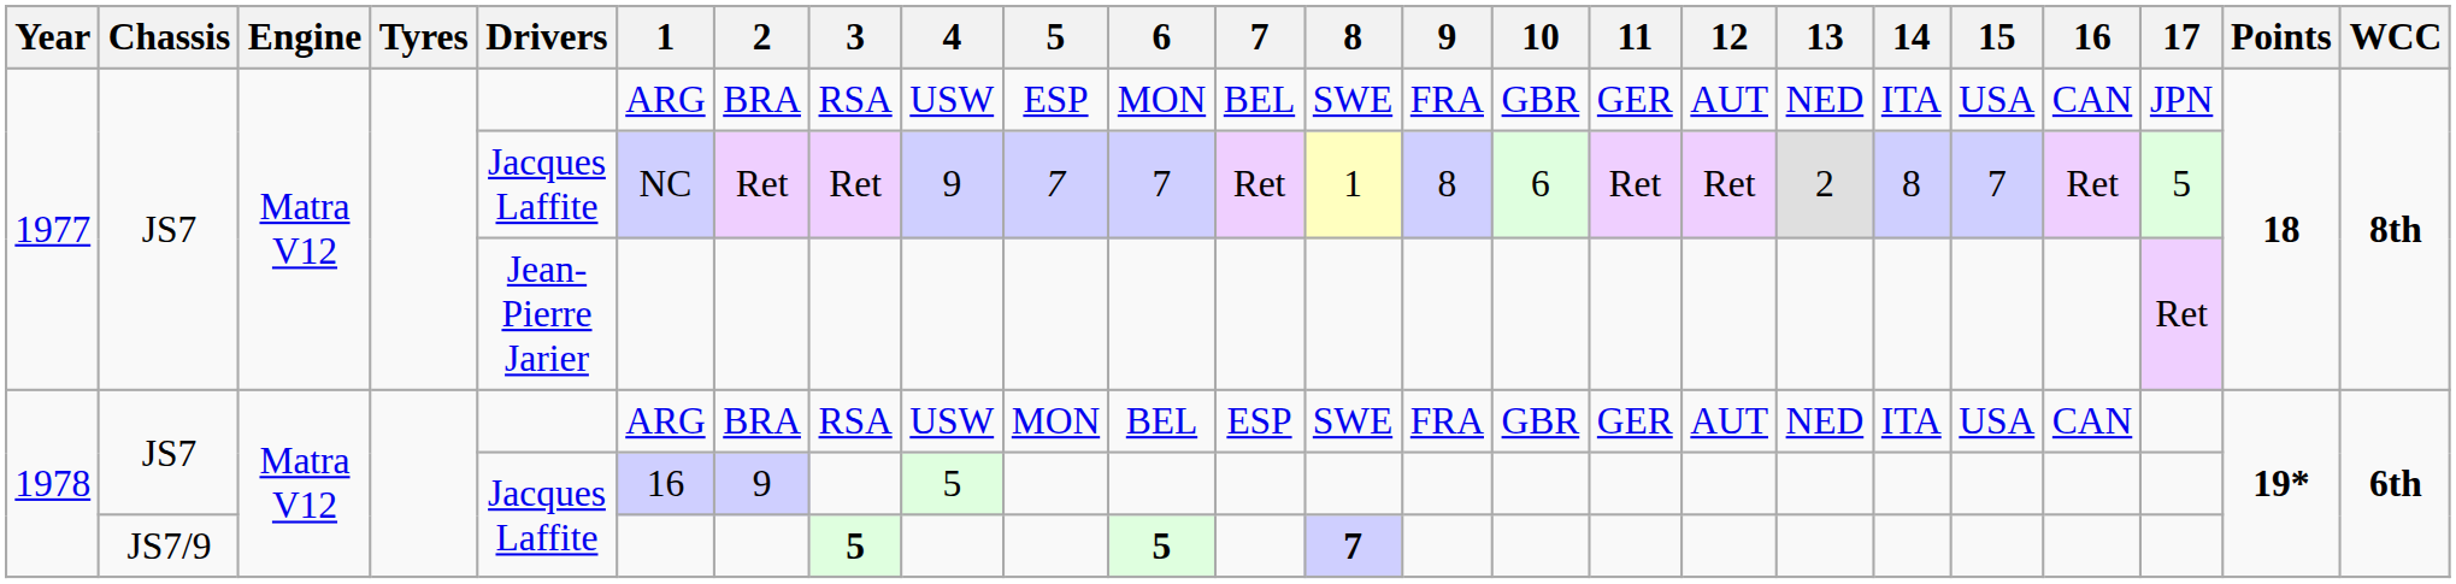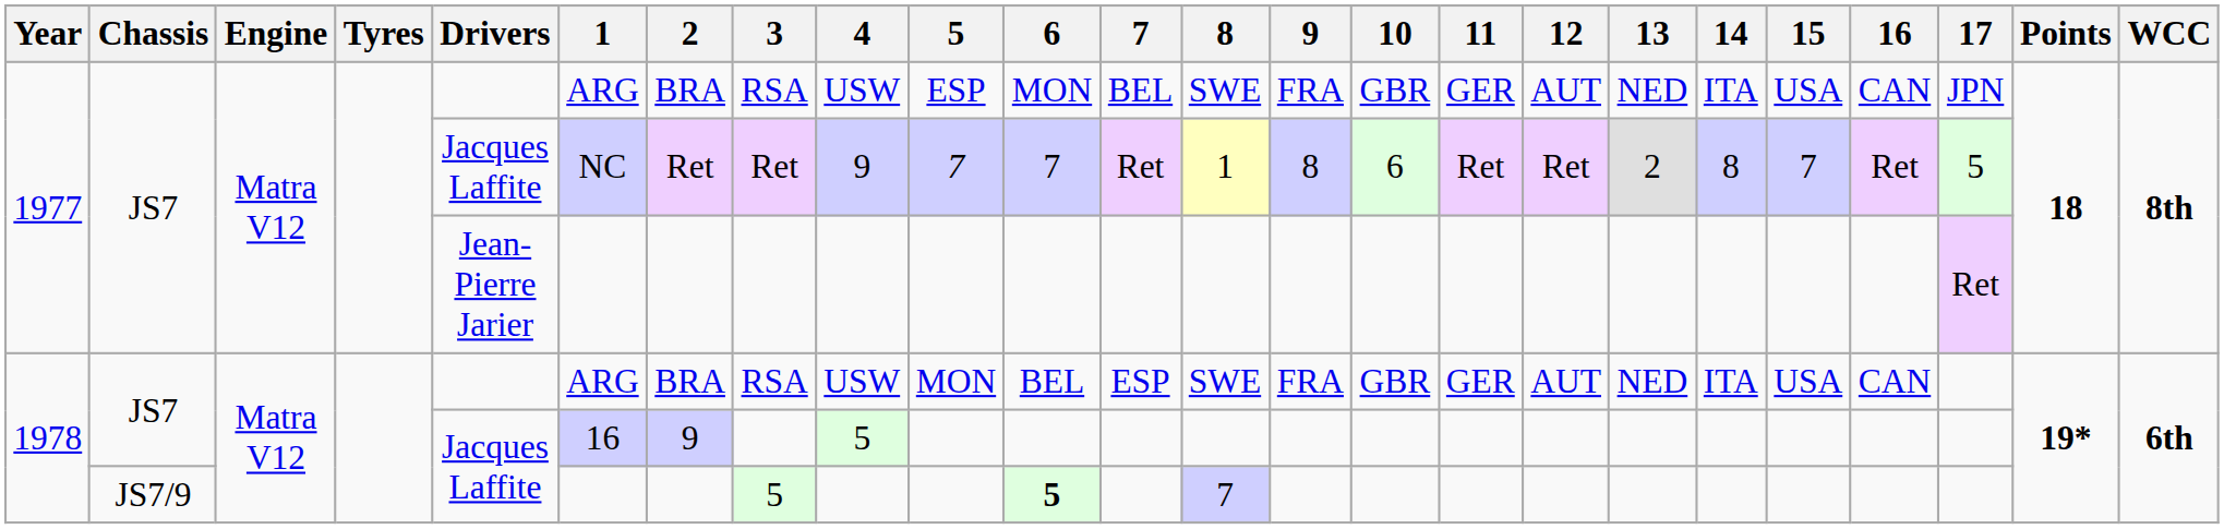 <table class="wikitable" style="text-align:center; font-size:95%">
 <tr>
 <th>Year</th>
 <th>Chassis</th>
 <th>Engine</th>
 <th>Tyres</th>
 <th>Drivers</th>
 <th>1</th>
 <th>2</th>
 <th>3</th>
 <th>4</th>
 <th>5</th>
 <th>6</th>
 <th>7</th>
 <th>8</th>
 <th>9</th>
 <th>10</th>
 <th>11</th>
 <th>12</th>
 <th>13</th>
 <th>14</th>
 <th>15</th>
 <th>16</th>
 <th>17</th>
 <th>Points</th>
 <th>WCC</th>
 </tr>
 <tr>
 <td rowspan="3"><a href='#'>1977</a></td>
 <td rowspan="3">JS7</td>
 <td rowspan="3"><a href='#'>Matra</a> <a href='#'>V12</a></td>
 <td rowspan="3"></td>
 <td></td>
 <td><a href='#'>ARG</a></td>
 <td><a href='#'>BRA</a></td>
 <td><a href='#'>RSA</a></td>
 <td><a href='#'>USW</a></td>
 <td><a href='#'>ESP</a></td>
 <td><a href='#'>MON</a></td>
 <td><a href='#'>BEL</a></td>
 <td><a href='#'>SWE</a></td>
 <td><a href='#'>FRA</a></td>
 <td><a href='#'>GBR</a></td>
 <td><a href='#'>GER</a></td>
 <td><a href='#'>AUT</a></td>
 <td><a href='#'>NED</a></td>
 <td><a href='#'>ITA</a></td>
 <td><a href='#'>USA</a></td>
 <td><a href='#'>CAN</a></td>
 <td><a href='#'>JPN</a></td>
 <td rowspan="3"><strong>18</strong></td>
 <td rowspan="3"><strong>8th</strong></td>
 </tr>
 <tr>
 <td><a href='#'>Jacques Laffite</a></td>
 <td style="background:#CFCFFF;">NC</td>
 <td style="background:#EFCFFF;">Ret</td>
 <td style="background:#EFCFFF;">Ret</td>
 <td style="background:#CFCFFF;">9</td>
 <td style="background:#CFCFFF;"><em>7</em></td>
 <td style="background:#CFCFFF;">7</td>
 <td style="background:#EFCFFF;">Ret</td>
 <td style="background:#FFFFBF;">1</td>
 <td style="background:#CFCFFF;">8</td>
 <td style="background:#DFFFDF;">6</td>
 <td style="background:#EFCFFF;">Ret</td>
 <td style="background:#EFCFFF;">Ret</td>
 <td style="background:#DFDFDF;">2</td>
 <td style="background:#CFCFFF;">8</td>
 <td style="background:#CFCFFF;">7</td>
 <td style="background:#EFCFFF;">Ret</td>
 <td style="background:#DFFFDF;">5</td>
 </tr>
 <tr>
 <td><a href='#'>Jean-Pierre Jarier</a></td>
 <td></td>
 <td></td>
 <td></td>
 <td></td>
 <td></td>
 <td></td>
 <td></td>
 <td></td>
 <td></td>
 <td></td>
 <td></td>
 <td></td>
 <td></td>
 <td></td>
 <td></td>
 <td></td>
 <td style="background:#EFCFFF;">Ret</td>
 </tr>
 <tr>
 <td rowspan="3"><a href='#'>1978</a></td>
 <td rowspan="2">JS7</td>
 <td rowspan="3"><a href='#'>Matra</a> <a href='#'>V12</a></td>
 <td rowspan="3"></td>
 <td></td>
 <td><a href='#'>ARG</a></td>
 <td><a href='#'>BRA</a></td>
 <td><a href='#'>RSA</a></td>
 <td><a href='#'>USW</a></td>
 <td><a href='#'>MON</a></td>
 <td><a href='#'>BEL</a></td>
 <td><a href='#'>ESP</a></td>
 <td><a href='#'>SWE</a></td>
 <td><a href='#'>FRA</a></td>
 <td><a href='#'>GBR</a></td>
 <td><a href='#'>GER</a></td>
 <td><a href='#'>AUT</a></td>
 <td><a href='#'>NED</a></td>
 <td><a href='#'>ITA</a></td>
 <td><a href='#'>USA</a></td>
 <td><a href='#'>CAN</a></td>
 <td></td>
 <td rowspan="3"><strong>19*</strong></td>
 <td rowspan="3"><strong>6th</strong></td>
 </tr>
 <tr>
 <td rowspan="2"><a href='#'>Jacques Laffite</a></td>
 <td style="background:#CFCFFF">16</td>
 <td style="background:#CFCFFF">9</td>
 <td></td>
 <td style="background:#DFFFDF">5</td>
 <td></td>
 <td></td>
 <td></td>
 <td></td>
 <td></td>
 <td></td>
 <td></td>
 <td></td>
 <td></td>
 <td></td>
 <td></td>
 <td></td>
 <td></td>
 </tr>
 <tr>
 <td>JS7/9</td>
 <td></td>
 <td></td>
-<td style="background:#DFFFDF;"><strong>5</strong></td>
+<td style="background:#DFFFDF;">5</td>
 <td></td>
 <td></td>
 <td style="background:#DFFFDF;"><strong>5</strong></td>
 <td></td>
-<td style="background:#CFCFFF;"><strong>7</strong></td>
+<td style="background:#CFCFFF;">7</td>
 <td></td>
 <td></td>
 <td></td>
 <td></td>
 <td></td>
 <td></td>
 <td></td>
 <td></td>
 <td></td>
 </tr>
 </table>
